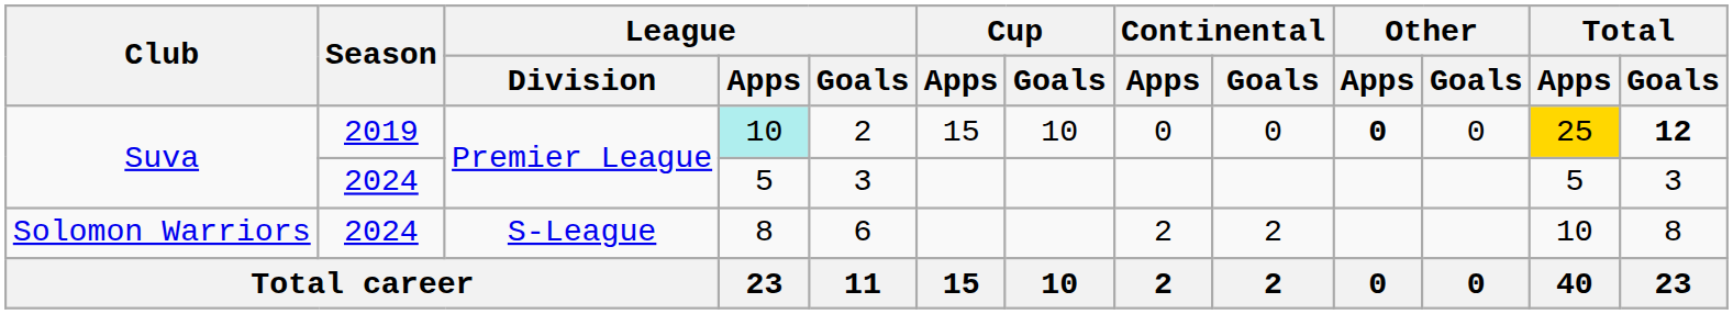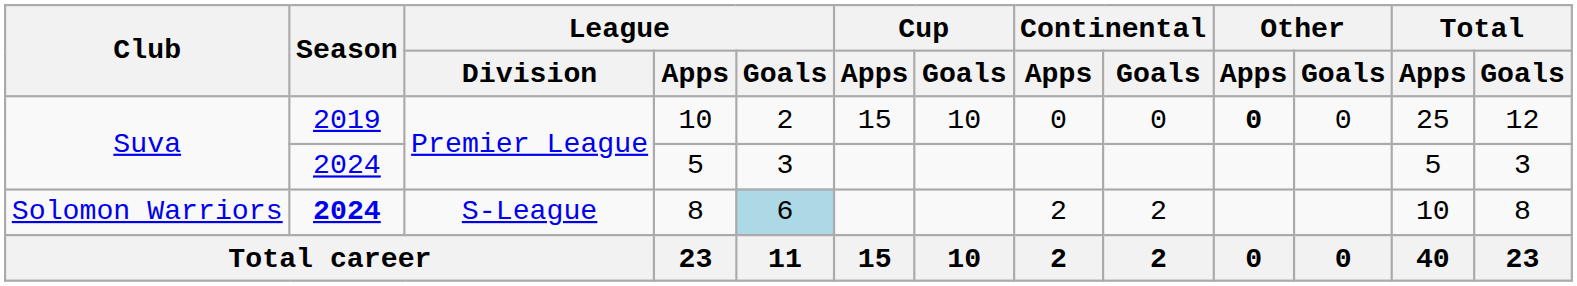 <table class="wikitable" style="text-align: center;">
 <tr>
 <th rowspan="2">Club</th>
 <th rowspan="2">Season</th>
 <th colspan="3">League</th>
 <th colspan="2">Cup</th>
 <th colspan="2">Continental</th>
 <th colspan="2">Other</th>
 <th colspan="2">Total</th>
 </tr>
 <tr>
 <th>Division</th>
 <th>Apps</th>
 <th>Goals</th>
 <th>Apps</th>
 <th>Goals</th>
 <th>Apps</th>
 <th>Goals</th>
 <th>Apps</th>
 <th>Goals</th>
 <th>Apps</th>
 <th>Goals</th>
 </tr>
 <tr>
 <td rowspan="2"><a href='#'>Suva</a></td>
 <td><a href='#'>2019</a></td>
 <td rowspan="2"><a href='#'>Premier League</a></td>
-<td style="background: paleturquoise;">10</td>
+<td>10</td>
 <td>2</td>
 <td>15</td>
 <td>10</td>
 <td>0</td>
 <td>0</td>
 <td><strong>0</strong></td>
 <td>0</td>
-<td style="background: gold;">25</td>
-<td><strong>12</strong></td>
+<td>25</td>
+<td>12</td>
 </tr>
 <tr>
 <td><a href='#'>2024</a></td>
 <td>5</td>
 <td>3</td>
 <td></td>
 <td></td>
 <td></td>
 <td></td>
 <td></td>
 <td></td>
 <td>5</td>
 <td>3</td>
 </tr>
 <tr>
 <td><a href='#'>Solomon Warriors</a></td>
-<td><a href='#'>2024</a></td>
+<td><strong><a href='#'>2024</a></strong></td>
 <td><a href='#'>S-League</a></td>
 <td>8</td>
-<td>6</td>
+<td style="background: lightblue;">6</td>
 <td></td>
 <td></td>
 <td>2</td>
 <td>2</td>
 <td></td>
 <td></td>
 <td>10</td>
 <td>8</td>
 </tr>
 <tr>
 <th colspan="3">Total career</th>
 <th>23</th>
 <th>11</th>
 <th>15</th>
 <th>10</th>
 <th>2</th>
 <th>2</th>
 <th>0</th>
 <th>0</th>
 <th>40</th>
 <th>23</th>
 </tr>
 </table>
